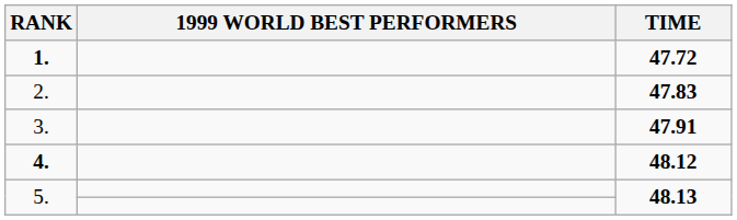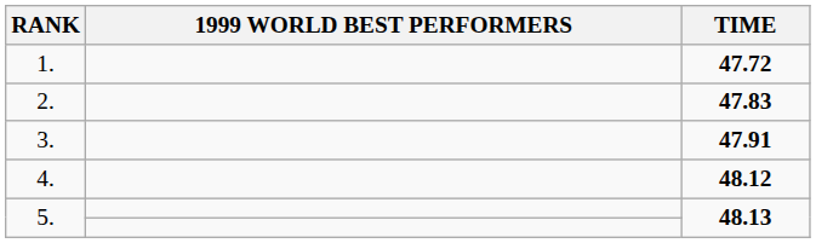 <table class="wikitable" style="border-collapse: collapse; font-size: 90%;">
 <tr>
 <th>RANK</th>
 <th align="center" style="width: 25em">1999 WORLD BEST PERFORMERS</th>
 <th align="center" style="width: 5em">TIME</th>
 </tr>
 <tr>
-<td align="center"><strong>1.</strong></td>
+<td align="center">1.</td>
 <td></td>
 <td align="center"><strong>47.72</strong></td>
 </tr>
 <tr>
 <td align="center">2.</td>
 <td></td>
 <td align="center"><strong>47.83</strong></td>
 </tr>
 <tr>
 <td align="center">3.</td>
 <td></td>
 <td align="center"><strong>47.91</strong></td>
 </tr>
 <tr>
-<td align="center"><strong>4.</strong></td>
+<td align="center">4.</td>
 <td></td>
 <td align="center"><strong>48.12</strong></td>
 </tr>
 <tr>
 <td rowspan=2 align="center">5.</td>
 <td></td>
 <td rowspan=2 align="center"><strong>48.13</strong></td>
 </tr>
 <tr>
 <td></td>
 </tr>
 </table>
